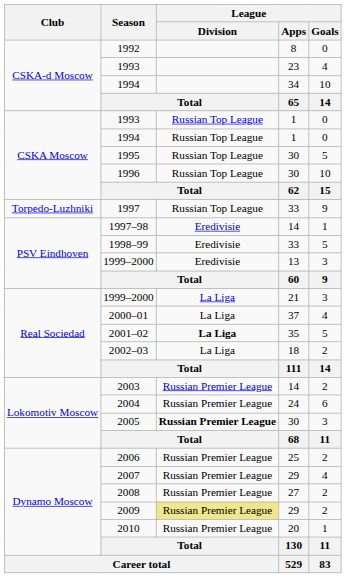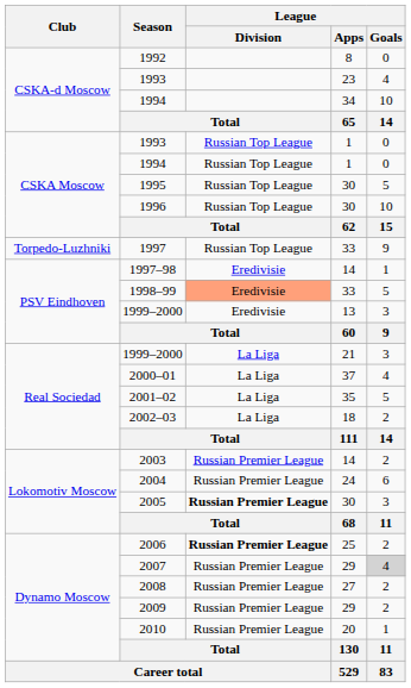 <table class="wikitable" style="text-align:center">
 <tr>
 <th rowspan="2">Club</th>
 <th rowspan="2">Season</th>
 <th colspan="3">League</th>
 </tr>
 <tr>
 <th>Division</th>
 <th>Apps</th>
 <th>Goals</th>
 </tr>
 <tr>
 <td rowspan="4"><a href='#'>CSKA-d Moscow</a></td>
 <td>1992</td>
 <td></td>
 <td>8</td>
 <td>0</td>
 </tr>
 <tr>
 <td>1993</td>
 <td></td>
 <td>23</td>
 <td>4</td>
 </tr>
 <tr>
 <td>1994</td>
 <td></td>
 <td>34</td>
 <td>10</td>
 </tr>
 <tr>
 <th colspan="2">Total</th>
 <th>65</th>
 <th>14</th>
 </tr>
 <tr>
 <td rowspan="5"><a href='#'>CSKA Moscow</a></td>
 <td>1993</td>
 <td><a href='#'>Russian Top League</a></td>
 <td>1</td>
 <td>0</td>
 </tr>
 <tr>
 <td>1994</td>
 <td>Russian Top League</td>
 <td>1</td>
 <td>0</td>
 </tr>
 <tr>
 <td>1995</td>
 <td>Russian Top League</td>
 <td>30</td>
 <td>5</td>
 </tr>
 <tr>
 <td>1996</td>
 <td>Russian Top League</td>
 <td>30</td>
 <td>10</td>
 </tr>
 <tr>
 <th colspan="2">Total</th>
 <th>62</th>
 <th>15</th>
 </tr>
 <tr>
 <td><a href='#'>Torpedo-Luzhniki</a></td>
 <td>1997</td>
 <td>Russian Top League</td>
 <td>33</td>
 <td>9</td>
 </tr>
 <tr>
 <td rowspan="4"><a href='#'>PSV Eindhoven</a></td>
 <td>1997–98</td>
 <td><a href='#'>Eredivisie</a></td>
 <td>14</td>
 <td>1</td>
 </tr>
 <tr>
 <td>1998–99</td>
-<td>Eredivisie</td>
+<td style="background: lightsalmon;">Eredivisie</td>
 <td>33</td>
 <td>5</td>
 </tr>
 <tr>
 <td>1999–2000</td>
 <td>Eredivisie</td>
 <td>13</td>
 <td>3</td>
 </tr>
 <tr>
 <th colspan="2">Total</th>
 <th>60</th>
 <th>9</th>
 </tr>
 <tr>
 <td rowspan="5"><a href='#'>Real Sociedad</a></td>
 <td>1999–2000</td>
 <td><a href='#'>La Liga</a></td>
 <td>21</td>
 <td>3</td>
 </tr>
 <tr>
 <td>2000–01</td>
 <td>La Liga</td>
 <td>37</td>
 <td>4</td>
 </tr>
 <tr>
 <td>2001–02</td>
-<td><strong>La Liga</strong></td>
+<td>La Liga</td>
 <td>35</td>
 <td>5</td>
 </tr>
 <tr>
 <td>2002–03</td>
 <td>La Liga</td>
 <td>18</td>
 <td>2</td>
 </tr>
 <tr>
 <th colspan="2">Total</th>
 <th>111</th>
 <th>14</th>
 </tr>
 <tr>
 <td rowspan="4"><a href='#'>Lokomotiv Moscow</a></td>
 <td>2003</td>
 <td><a href='#'>Russian Premier League</a></td>
 <td>14</td>
 <td>2</td>
 </tr>
 <tr>
 <td>2004</td>
 <td>Russian Premier League</td>
 <td>24</td>
 <td>6</td>
 </tr>
 <tr>
 <td>2005</td>
 <td><strong>Russian Premier League</strong></td>
 <td>30</td>
 <td>3</td>
 </tr>
 <tr>
 <th colspan="2">Total</th>
 <th>68</th>
 <th>11</th>
 </tr>
 <tr>
 <td rowspan="6"><a href='#'>Dynamo Moscow</a></td>
 <td>2006</td>
-<td>Russian Premier League</td>
+<td><strong>Russian Premier League</strong></td>
 <td>25</td>
 <td>2</td>
 </tr>
 <tr>
 <td>2007</td>
 <td>Russian Premier League</td>
 <td>29</td>
-<td>4</td>
+<td style="background: lightgrey;">4</td>
 </tr>
 <tr>
 <td>2008</td>
 <td>Russian Premier League</td>
 <td>27</td>
 <td>2</td>
 </tr>
 <tr>
 <td>2009</td>
-<td style="background: khaki;">Russian Premier League</td>
+<td>Russian Premier League</td>
 <td>29</td>
 <td>2</td>
 </tr>
 <tr>
 <td>2010</td>
 <td>Russian Premier League</td>
 <td>20</td>
 <td>1</td>
 </tr>
 <tr>
 <th colspan="2">Total</th>
 <th>130</th>
 <th>11</th>
 </tr>
 <tr>
 <th colspan="3">Career total</th>
 <th>529</th>
 <th>83</th>
 </tr>
 </table>
